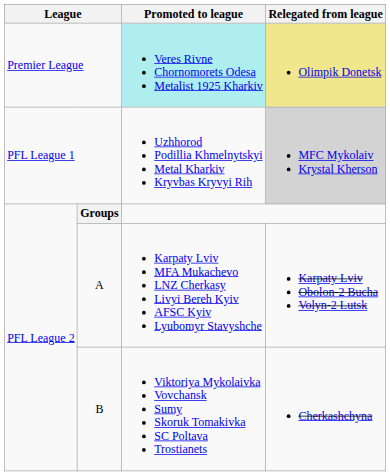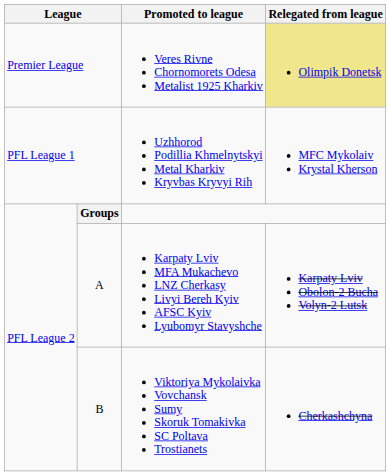 <table class="wikitable">
 <tr>
 <th colspan=2>League</th>
 <th>Promoted to league</th>
 <th>Relegated from league</th>
 </tr>
 <tr>
 <td colspan=2><a href='#'>Premier League</a></td>
-<td style="background: paleturquoise;"><br><ul><li><a href='#'>Veres Rivne</a></li><li><a href='#'>Chornomorets Odesa</a></li><li><a href='#'>Metalist 1925 Kharkiv</a></li></ul></td>
+<td><br><ul><li><a href='#'>Veres Rivne</a></li><li><a href='#'>Chornomorets Odesa</a></li><li><a href='#'>Metalist 1925 Kharkiv</a></li></ul></td>
 <td style="background: khaki;"><br><ul><li><a href='#'>Olimpik Donetsk</a></li></ul></td>
 </tr>
 <tr>
 <td colspan=2><a href='#'>PFL League 1</a></td>
 <td><br><ul><li><a href='#'>Uzhhorod</a></li><li><a href='#'>Podillia Khmelnytskyi</a></li><li><a href='#'>Metal Kharkiv</a></li><li><a href='#'>Kryvbas Kryvyi Rih</a></li></ul></td>
-<td style="background: lightgrey;"><br><ul><li><a href='#'>MFC Mykolaiv</a></li><li><a href='#'>Krystal Kherson</a></li></ul></td>
+<td><br><ul><li><a href='#'>MFC Mykolaiv</a></li><li><a href='#'>Krystal Kherson</a></li></ul></td>
 </tr>
 <tr>
 <td rowspan=3><a href='#'>PFL League 2</a></td>
 <th>Groups</th>
 <td colspan=2></td>
 </tr>
 <tr>
 <td align=center>A</td>
 <td><br><ul><li><a href='#'>Karpaty Lviv</a></li><li><a href='#'>MFA Mukachevo</a></li><li><a href='#'>LNZ Cherkasy</a></li><li><a href='#'>Livyi Bereh Kyiv</a></li><li><a href='#'>AFSC Kyiv</a></li><li><a href='#'>Lyubomyr Stavyshche</a></li></ul></td>
 <td><br><ul><li><del><a href='#'>Karpaty Lviv</a></del></li><li><del><a href='#'>Obolon-2 Bucha</a></del></li><li><del><a href='#'>Volyn-2 Lutsk</a></del></li></ul></td>
 </tr>
 <tr>
 <td align=center>B</td>
 <td><br><ul><li><a href='#'>Viktoriya Mykolaivka</a></li><li><a href='#'>Vovchansk</a></li><li><a href='#'>Sumy</a></li><li><a href='#'>Skoruk Tomakivka</a></li><li><a href='#'>SC Poltava</a></li><li><a href='#'>Trostianets</a></li></ul></td>
 <td><br><ul><li><del><a href='#'>Cherkashchyna</a></del></li></ul></td>
 </tr>
 </table>
